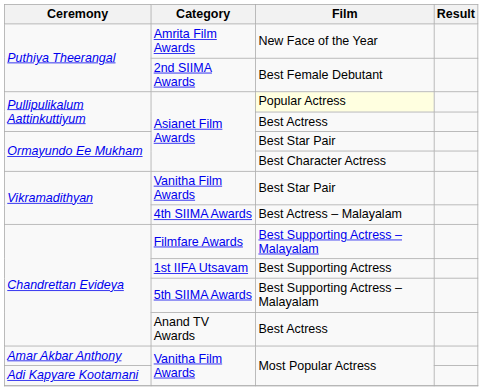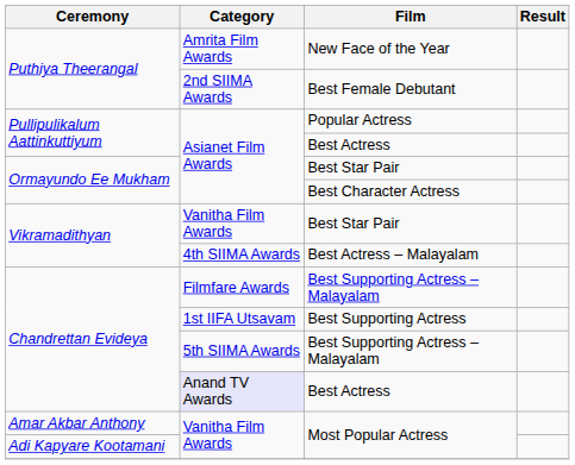 <table class="wikitable plainrowheaders">
 <tr>
 <th scope="col">Ceremony</th>
 <th scope="col">Category</th>
 <th scope="col">Film</th>
 <th scope="col">Result</th>
 </tr>
 <tr>
 <td rowspan=2><em><a href='#'>Puthiya Theerangal</a></em></td>
 <td><a href='#'>Amrita Film Awards</a></td>
 <td>New Face of the Year</td>
 <td></td>
 </tr>
 <tr>
 <td><a href='#'>2nd SIIMA Awards</a></td>
 <td>Best Female Debutant</td>
 <td></td>
 </tr>
 <tr>
 <td rowspan=2><em><a href='#'>Pullipulikalum Aattinkuttiyum</a></em></td>
 <td rowspan="4"><a href='#'>Asianet Film Awards</a></td>
-<td style="background: lightyellow;">Popular Actress</td>
+<td>Popular Actress</td>
 <td></td>
 </tr>
 <tr>
 <td>Best Actress</td>
 <td></td>
 </tr>
 <tr>
 <td rowspan=2><em><a href='#'>Ormayundo Ee Mukham</a></em></td>
 <td>Best Star Pair</td>
 <td></td>
 </tr>
 <tr>
 <td>Best Character Actress</td>
 <td></td>
 </tr>
 <tr>
 <td rowspan=2><em><a href='#'>Vikramadithyan</a></em></td>
 <td><a href='#'>Vanitha Film Awards</a></td>
 <td>Best Star Pair</td>
 <td></td>
 </tr>
 <tr>
 <td><a href='#'>4th SIIMA Awards</a></td>
 <td>Best Actress – Malayalam</td>
 <td></td>
 </tr>
 <tr>
 <td rowspan=4><em><a href='#'>Chandrettan Evideya</a></em></td>
 <td><a href='#'>Filmfare Awards</a></td>
 <td><a href='#'>Best Supporting Actress – Malayalam</a></td>
 <td></td>
 </tr>
 <tr>
 <td><a href='#'>1st IIFA Utsavam</a></td>
 <td>Best Supporting Actress</td>
 <td></td>
 </tr>
 <tr>
 <td><a href='#'>5th SIIMA Awards</a></td>
 <td>Best Supporting Actress – Malayalam</td>
 <td></td>
 </tr>
 <tr>
-<td>Anand TV Awards</td>
+<td style="background: lavender;">Anand TV Awards</td>
 <td>Best Actress</td>
 <td></td>
 </tr>
 <tr>
 <td><em><a href='#'>Amar Akbar Anthony</a></em></td>
 <td rowspan="2"><a href='#'>Vanitha Film Awards</a></td>
 <td rowspan="2">Most Popular Actress</td>
 <td></td>
 </tr>
 <tr>
 <td><em><a href='#'>Adi Kapyare Kootamani</a></em></td>
 <td></td>
 </tr>
 <tr>
 </tr>
 </table>
